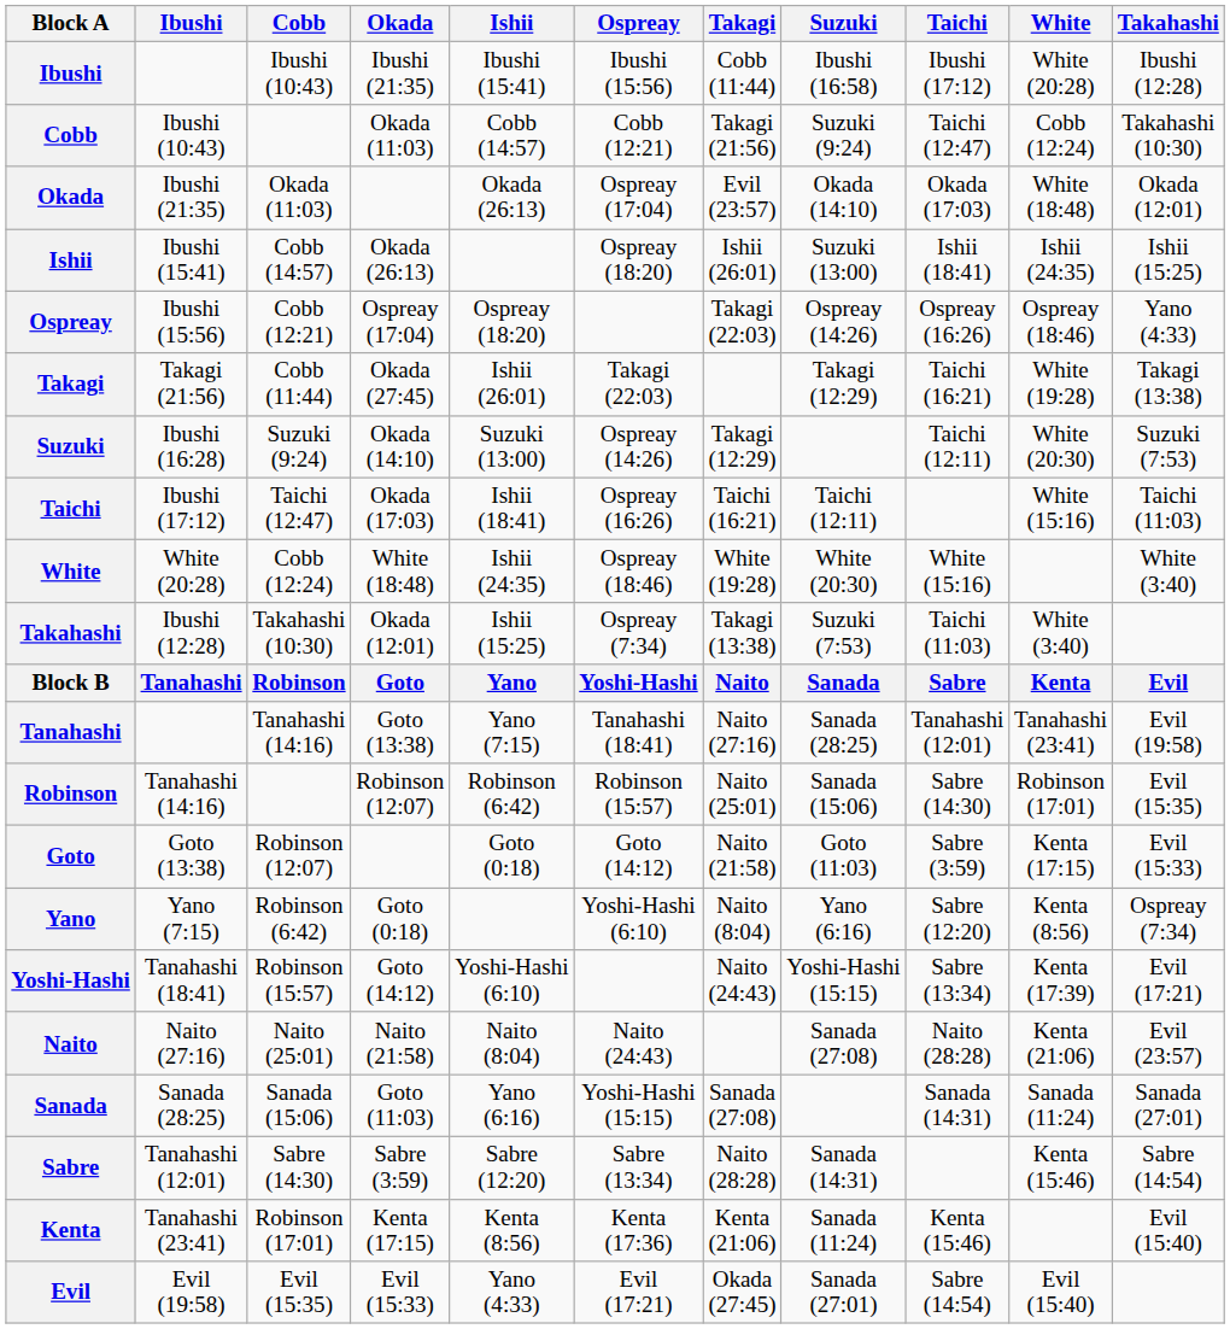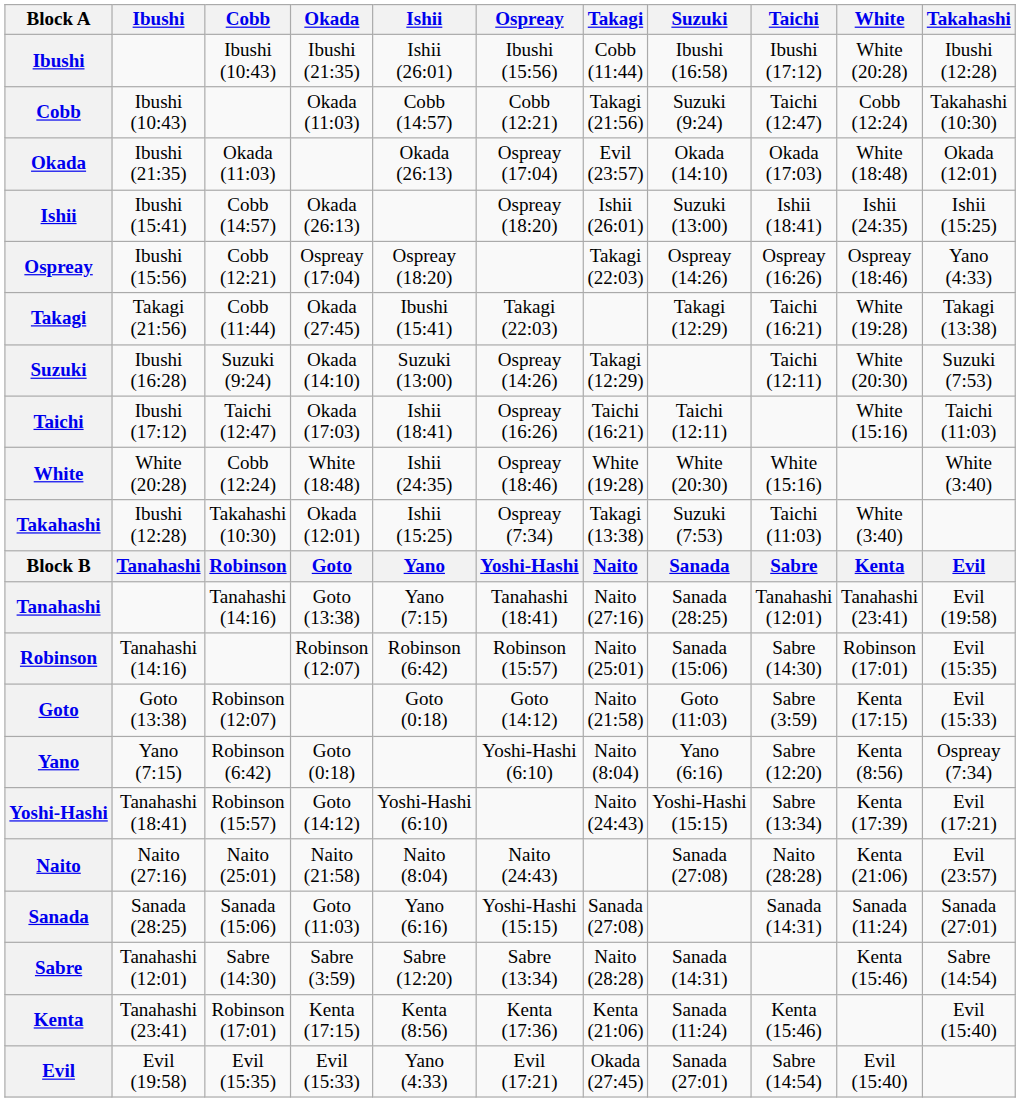 <table class="wikitable" align="center" style="margin: 1em auto 1em auto">
 <tr>
 <th>Block A</th>
 <th><a href='#'>Ibushi</a></th>
 <th><a href='#'>Cobb</a></th>
 <th><a href='#'>Okada</a></th>
 <th><a href='#'>Ishii</a></th>
 <th><a href='#'>Ospreay</a></th>
 <th><a href='#'>Takagi</a></th>
 <th><a href='#'>Suzuki</a></th>
 <th><a href='#'>Taichi</a></th>
 <th><a href='#'>White</a></th>
 <th><a href='#'>Takahashi</a></th>
 </tr>
 <tr align="center">
 <th><a href='#'>Ibushi</a></th>
 <td></td>
 <td>Ibushi<br>(10:43)</td>
 <td>Ibushi<br>(21:35)</td>
-<td>Ibushi<br>(15:41)</td>
+<td>Ishii<br>(26:01)</td>
 <td>Ibushi<br>(15:56)</td>
 <td>Cobb<br>(11:44)</td>
 <td>Ibushi<br>(16:58)</td>
 <td>Ibushi <br>(17:12)</td>
 <td>White<br>(20:28)</td>
 <td>Ibushi<br>(12:28)</td>
 </tr>
 <tr align="center">
 <th><a href='#'>Cobb</a></th>
 <td>Ibushi<br>(10:43)</td>
 <td></td>
 <td>Okada<br>(11:03)</td>
 <td>Cobb<br>(14:57)</td>
 <td>Cobb<br>(12:21)</td>
 <td>Takagi<br>(21:56)</td>
 <td>Suzuki<br>(9:24)</td>
 <td>Taichi<br>(12:47)</td>
 <td>Cobb<br>(12:24)</td>
 <td>Takahashi<br>(10:30)</td>
 </tr>
 <tr align="center">
 <th><a href='#'>Okada</a></th>
 <td>Ibushi<br>(21:35)</td>
 <td>Okada<br>(11:03)</td>
 <td></td>
 <td>Okada<br>(26:13)</td>
 <td>Ospreay<br>(17:04)</td>
 <td>Evil<br>(23:57)</td>
 <td>Okada<br>(14:10)</td>
 <td>Okada<br>(17:03)</td>
 <td>White<br>(18:48)</td>
 <td>Okada<br>(12:01)</td>
 </tr>
 <tr align="center">
 <th><a href='#'>Ishii</a></th>
 <td>Ibushi<br>(15:41)</td>
 <td>Cobb<br>(14:57)</td>
 <td>Okada<br>(26:13)</td>
 <td></td>
 <td>Ospreay<br>(18:20)</td>
 <td>Ishii<br>(26:01)</td>
 <td>Suzuki<br>(13:00)</td>
 <td>Ishii<br>(18:41)</td>
 <td>Ishii <br>(24:35)</td>
 <td>Ishii<br>(15:25)</td>
 </tr>
 <tr align="center">
 <th><a href='#'>Ospreay</a></th>
 <td>Ibushi<br>(15:56)</td>
 <td>Cobb<br>(12:21)</td>
 <td>Ospreay <br>(17:04)</td>
 <td>Ospreay<br>(18:20)</td>
 <td></td>
 <td>Takagi<br>(22:03)</td>
 <td>Ospreay<br>(14:26)</td>
 <td>Ospreay<br>(16:26)</td>
 <td>Ospreay<br>(18:46)</td>
 <td>Yano<br>(4:33)</td>
 </tr>
 <tr align="center">
 <th><a href='#'>Takagi</a></th>
 <td>Takagi<br>(21:56)</td>
 <td>Cobb<br>(11:44)</td>
 <td>Okada<br>(27:45)</td>
-<td>Ishii<br>(26:01)</td>
+<td>Ibushi<br>(15:41)</td>
 <td>Takagi<br>(22:03)</td>
 <td></td>
 <td>Takagi<br>(12:29)</td>
 <td>Taichi<br>(16:21)</td>
 <td>White<br>(19:28)</td>
 <td>Takagi<br>(13:38)</td>
 </tr>
 <tr align="center">
 <th><a href='#'>Suzuki</a></th>
 <td>Ibushi<br>(16:28)</td>
 <td>Suzuki<br>(9:24)</td>
 <td>Okada<br>(14:10)</td>
 <td>Suzuki<br>(13:00)</td>
 <td>Ospreay<br>(14:26)</td>
 <td>Takagi<br>(12:29)</td>
 <td></td>
 <td>Taichi<br>(12:11)</td>
 <td>White<br>(20:30)</td>
 <td>Suzuki<br>(7:53)</td>
 </tr>
 <tr align="center">
 <th><a href='#'>Taichi</a></th>
 <td>Ibushi <br>(17:12)</td>
 <td>Taichi<br>(12:47)</td>
 <td>Okada<br>(17:03)</td>
 <td>Ishii<br>(18:41)</td>
 <td>Ospreay<br>(16:26)</td>
 <td>Taichi<br>(16:21)</td>
 <td>Taichi<br>(12:11)</td>
 <td></td>
 <td>White<br>(15:16)</td>
 <td>Taichi<br>(11:03)</td>
 </tr>
 <tr align="center">
 <th><a href='#'>White</a></th>
 <td>White<br>(20:28)</td>
 <td>Cobb<br>(12:24)</td>
 <td>White<br>(18:48)</td>
 <td>Ishii <br>(24:35)</td>
 <td>Ospreay<br>(18:46)</td>
 <td>White<br>(19:28)</td>
 <td>White<br>(20:30)</td>
 <td>White<br>(15:16)</td>
 <td></td>
 <td>White<br>(3:40)</td>
 </tr>
 <tr align="center">
 <th><a href='#'>Takahashi</a></th>
 <td>Ibushi<br>(12:28)</td>
 <td>Takahashi<br>(10:30)</td>
 <td>Okada<br>(12:01)</td>
 <td>Ishii<br>(15:25)</td>
 <td>Ospreay<br>(7:34)</td>
 <td>Takagi <br>(13:38)</td>
 <td>Suzuki<br>(7:53)</td>
 <td>Taichi<br>(11:03)</td>
 <td>White<br>(3:40)</td>
 <td></td>
 </tr>
 <tr align="center">
 <th>Block B</th>
 <th><a href='#'>Tanahashi</a></th>
 <th><a href='#'>Robinson</a></th>
 <th><a href='#'>Goto</a></th>
 <th><a href='#'>Yano</a></th>
 <th><a href='#'>Yoshi-Hashi</a></th>
 <th><a href='#'>Naito</a></th>
 <th><a href='#'>Sanada</a></th>
 <th><a href='#'>Sabre</a></th>
 <th><a href='#'>Kenta</a></th>
 <th><a href='#'>Evil</a></th>
 </tr>
 <tr align="center">
 <th><a href='#'>Tanahashi</a></th>
 <td></td>
 <td>Tanahashi<br>(14:16)</td>
 <td>Goto<br>(13:38)</td>
 <td>Yano<br>(7:15)</td>
 <td>Tanahashi<br>(18:41)</td>
 <td>Naito<br>(27:16)</td>
 <td>Sanada<br>(28:25)</td>
 <td>Tanahashi<br>(12:01)</td>
 <td>Tanahashi<br>(23:41)</td>
 <td>Evil<br>(19:58)</td>
 </tr>
 <tr align="center">
 <th><a href='#'>Robinson</a></th>
 <td>Tanahashi<br>(14:16)</td>
 <td></td>
 <td>Robinson<br>(12:07)</td>
 <td>Robinson<br>(6:42)</td>
 <td>Robinson<br>(15:57)</td>
 <td>Naito<br>(25:01)</td>
 <td>Sanada<br>(15:06)</td>
 <td>Sabre<br>(14:30)</td>
 <td>Robinson<br>(17:01)</td>
 <td>Evil<br>(15:35)</td>
 </tr>
 <tr align="center">
 <th><a href='#'>Goto</a></th>
 <td>Goto<br>(13:38)</td>
 <td>Robinson<br>(12:07)</td>
 <td></td>
 <td>Goto<br>(0:18)</td>
 <td>Goto<br>(14:12)</td>
 <td>Naito<br>(21:58)</td>
 <td>Goto<br>(11:03)</td>
 <td>Sabre<br>(3:59)</td>
 <td>Kenta<br>(17:15)</td>
 <td>Evil<br>(15:33)</td>
 </tr>
 <tr align="center">
 <th><a href='#'>Yano</a></th>
 <td>Yano<br>(7:15)</td>
 <td>Robinson<br>(6:42)</td>
 <td>Goto<br>(0:18)</td>
 <td></td>
 <td>Yoshi-Hashi<br>(6:10)</td>
 <td>Naito<br>(8:04)</td>
 <td>Yano<br>(6:16)</td>
 <td>Sabre<br>(12:20)</td>
 <td>Kenta<br>(8:56)</td>
 <td>Ospreay<br>(7:34)</td>
 </tr>
 <tr align="center">
 <th><a href='#'>Yoshi-Hashi</a></th>
 <td>Tanahashi<br>(18:41)</td>
 <td>Robinson<br>(15:57)</td>
 <td>Goto<br>(14:12)</td>
 <td>Yoshi-Hashi<br>(6:10)</td>
 <td></td>
 <td>Naito<br>(24:43)</td>
 <td>Yoshi-Hashi<br>(15:15)</td>
 <td>Sabre<br>(13:34)</td>
 <td>Kenta<br>(17:39)</td>
 <td>Evil<br>(17:21)</td>
 </tr>
 <tr align="center">
 <th><a href='#'>Naito</a></th>
 <td>Naito<br>(27:16)</td>
 <td>Naito<br>(25:01)</td>
 <td>Naito<br>(21:58)</td>
 <td>Naito<br>(8:04)</td>
 <td>Naito<br>(24:43)</td>
 <td></td>
 <td>Sanada<br>(27:08)</td>
 <td>Naito<br>(28:28)</td>
 <td>Kenta<br>(21:06)</td>
 <td>Evil<br>(23:57)</td>
 </tr>
 <tr align="center">
 <th><a href='#'>Sanada</a></th>
 <td>Sanada<br>(28:25)</td>
 <td>Sanada<br>(15:06)</td>
 <td>Goto<br>(11:03)</td>
 <td>Yano<br>(6:16)</td>
 <td>Yoshi-Hashi<br>(15:15)</td>
 <td>Sanada<br>(27:08)</td>
 <td></td>
 <td>Sanada<br>(14:31)</td>
 <td>Sanada<br>(11:24)</td>
 <td>Sanada<br>(27:01)</td>
 </tr>
 <tr align="center">
 <th><a href='#'>Sabre</a></th>
 <td>Tanahashi<br>(12:01)</td>
 <td>Sabre<br>(14:30)</td>
 <td>Sabre<br>(3:59)</td>
 <td>Sabre<br>(12:20)</td>
 <td>Sabre<br>(13:34)</td>
 <td>Naito<br>(28:28)</td>
 <td>Sanada<br>(14:31)</td>
 <td></td>
 <td>Kenta<br>(15:46)</td>
 <td>Sabre<br>(14:54)</td>
 </tr>
 <tr align="center">
 <th><a href='#'>Kenta</a></th>
 <td>Tanahashi<br>(23:41)</td>
 <td>Robinson<br>(17:01)</td>
 <td>Kenta<br>(17:15)</td>
 <td>Kenta <br>(8:56)</td>
 <td>Kenta<br>(17:36)</td>
 <td>Kenta<br>(21:06)</td>
 <td>Sanada<br>(11:24)</td>
 <td>Kenta<br>(15:46)</td>
 <td></td>
 <td>Evil<br>(15:40)</td>
 </tr>
 <tr align="center">
 <th><a href='#'>Evil</a></th>
 <td>Evil<br>(19:58)</td>
 <td>Evil<br>(15:35)</td>
 <td>Evil<br>(15:33)</td>
 <td>Yano<br>(4:33)</td>
 <td>Evil<br>(17:21)</td>
 <td>Okada<br>(27:45)</td>
 <td>Sanada<br>(27:01)</td>
 <td>Sabre<br>(14:54)</td>
 <td>Evil<br>(15:40)</td>
 <td></td>
 </tr>
 </table>
